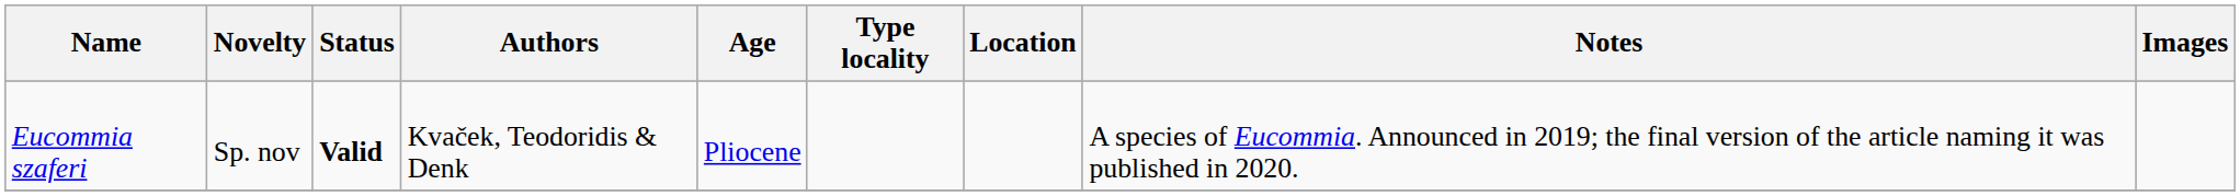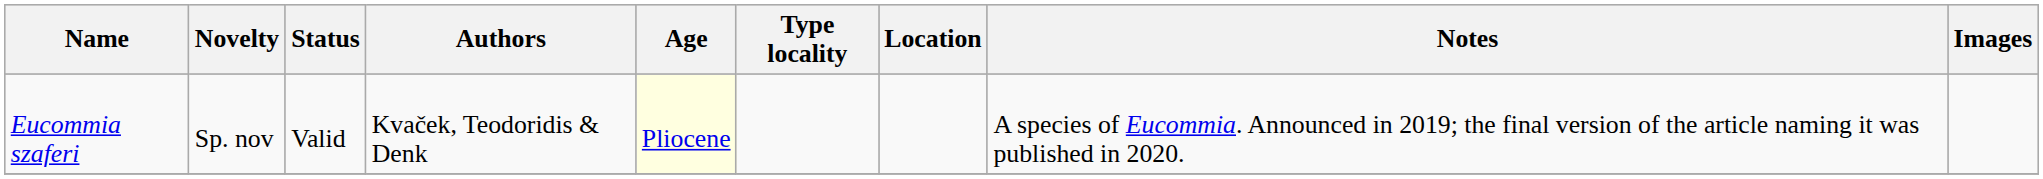 <table class="wikitable sortable" align="center" width="100%">
 <tr>
 <th>Name</th>
 <th>Novelty</th>
 <th>Status</th>
 <th>Authors</th>
 <th>Age</th>
 <th>Type locality</th>
 <th>Location</th>
 <th>Notes</th>
 <th>Images</th>
 </tr>
 <tr>
 <td><br><em><a href='#'>Eucommia szaferi</a></em></td>
 <td><br>Sp. nov</td>
-<td><strong><br>Valid</strong></td>
+<td><br>Valid</td>
 <td><br>Kvaček, Teodoridis & Denk</td>
-<td><br><a href='#'>Pliocene</a></td>
+<td style="background: lightyellow;"><br><a href='#'>Pliocene</a></td>
 <td></td>
 <td><br></td>
 <td><br>A species of <em><a href='#'>Eucommia</a></em>. Announced in 2019; the final version of the article naming it was published in 2020.</td>
 <td></td>
 </tr>
 <tr>
 </tr>
 </table>
